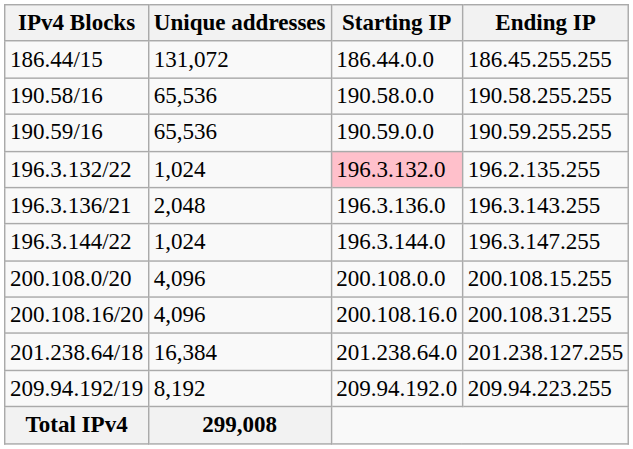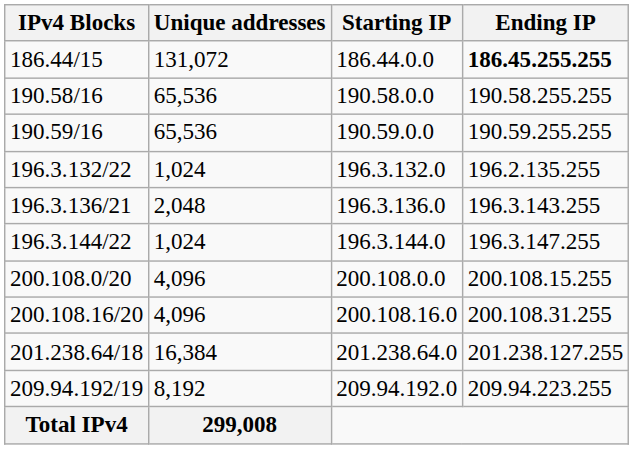 <table class="wikitable">
 <tr>
 <th>IPv4 Blocks</th>
 <th>Unique addresses</th>
 <th>Starting IP</th>
 <th>Ending IP</th>
 </tr>
 <tr>
 <td>186.44/15</td>
 <td>131,072</td>
 <td>186.44.0.0</td>
-<td>186.45.255.255</td>
+<td><strong>186.45.255.255</strong></td>
 </tr>
 <tr>
 <td>190.58/16</td>
 <td>65,536</td>
 <td>190.58.0.0</td>
 <td>190.58.255.255</td>
 </tr>
 <tr>
 <td>190.59/16</td>
 <td>65,536</td>
 <td>190.59.0.0</td>
 <td>190.59.255.255</td>
 </tr>
 <tr>
 <td>196.3.132/22</td>
 <td>1,024</td>
-<td style="background: pink;">196.3.132.0</td>
+<td>196.3.132.0</td>
 <td>196.2.135.255</td>
 </tr>
 <tr>
 <td>196.3.136/21</td>
 <td>2,048</td>
 <td>196.3.136.0</td>
 <td>196.3.143.255</td>
 </tr>
 <tr>
 <td>196.3.144/22</td>
 <td>1,024</td>
 <td>196.3.144.0</td>
 <td>196.3.147.255</td>
 </tr>
 <tr>
 <td>200.108.0/20</td>
 <td>4,096</td>
 <td>200.108.0.0</td>
 <td>200.108.15.255</td>
 </tr>
 <tr>
 <td>200.108.16/20</td>
 <td>4,096</td>
 <td>200.108.16.0</td>
 <td>200.108.31.255</td>
 </tr>
 <tr>
 <td>201.238.64/18</td>
 <td>16,384</td>
 <td>201.238.64.0</td>
 <td>201.238.127.255</td>
 </tr>
 <tr>
 <td>209.94.192/19</td>
 <td>8,192</td>
 <td>209.94.192.0</td>
 <td>209.94.223.255</td>
 </tr>
 <tr>
 <th>Total IPv4</th>
 <th>299,008</th>
 </tr>
 </table>
